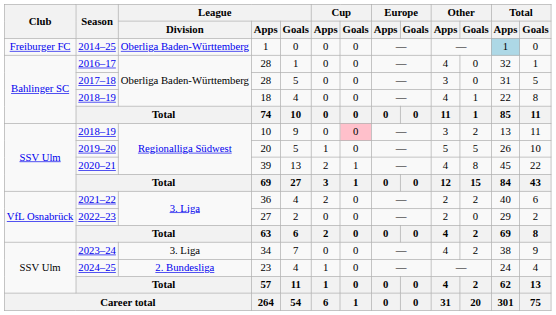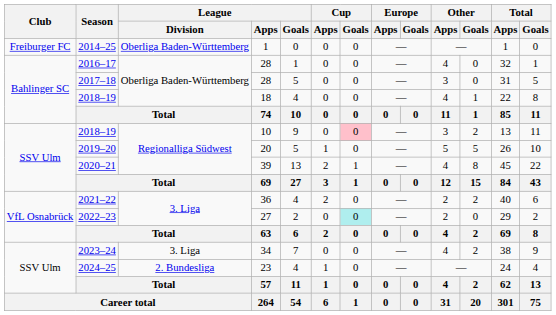 <table class="wikitable" style="text-align:center">
 <tr>
 <th rowspan="2">Club</th>
 <th rowspan="2">Season</th>
 <th colspan="3">League</th>
 <th colspan="2">Cup</th>
 <th colspan="2">Europe</th>
 <th colspan="2">Other</th>
 <th colspan="2">Total</th>
 </tr>
 <tr>
 <th>Division</th>
 <th>Apps</th>
 <th>Goals</th>
 <th>Apps</th>
 <th>Goals</th>
 <th>Apps</th>
 <th>Goals</th>
 <th>Apps</th>
 <th>Goals</th>
 <th>Apps</th>
 <th>Goals</th>
 </tr>
 <tr>
 <td><a href='#'>Freiburger FC</a></td>
 <td><a href='#'>2014–25</a></td>
 <td><a href='#'>Oberliga Baden-Württemberg</a></td>
 <td>1</td>
 <td>0</td>
 <td>0</td>
 <td>0</td>
 <td colspan="2">—</td>
 <td colspan="2">—</td>
-<td style="background: lightblue;">1</td>
+<td>1</td>
 <td>0</td>
 </tr>
 <tr>
 <td rowspan="4"><a href='#'>Bahlinger SC</a></td>
 <td><a href='#'>2016–17</a></td>
 <td rowspan="3">Oberliga Baden-Württemberg</td>
 <td>28</td>
 <td>1</td>
 <td>0</td>
 <td>0</td>
 <td colspan="2">—</td>
 <td>4</td>
 <td>0</td>
 <td>32</td>
 <td>1</td>
 </tr>
 <tr>
 <td><a href='#'>2017–18</a></td>
 <td>28</td>
 <td>5</td>
 <td>0</td>
 <td>0</td>
 <td colspan="2">—</td>
 <td>3</td>
 <td>0</td>
 <td>31</td>
 <td>5</td>
 </tr>
 <tr>
 <td><a href='#'>2018–19</a></td>
 <td>18</td>
 <td>4</td>
 <td>0</td>
 <td>0</td>
 <td colspan="2">—</td>
 <td>4</td>
 <td>1</td>
 <td>22</td>
 <td>8</td>
 </tr>
 <tr>
 <th colspan="2">Total</th>
 <th>74</th>
 <th>10</th>
 <th>0</th>
 <th>0</th>
 <th>0</th>
 <th>0</th>
 <th>11</th>
 <th>1</th>
 <th>85</th>
 <th>11</th>
 </tr>
 <tr>
 <td rowspan="4"><a href='#'>SSV Ulm</a></td>
 <td><a href='#'>2018–19</a></td>
 <td rowspan="3"><a href='#'>Regionalliga Südwest</a></td>
 <td>10</td>
 <td>9</td>
 <td>0</td>
 <td style="background: pink;">0</td>
 <td colspan="2">—</td>
 <td>3</td>
 <td>2</td>
 <td>13</td>
 <td>11</td>
 </tr>
 <tr>
 <td><a href='#'>2019–20</a></td>
 <td>20</td>
 <td>5</td>
 <td>1</td>
 <td>0</td>
 <td colspan="2">—</td>
 <td>5</td>
 <td>5</td>
 <td>26</td>
 <td>10</td>
 </tr>
 <tr>
 <td><a href='#'>2020–21</a></td>
 <td>39</td>
 <td>13</td>
 <td>2</td>
 <td>1</td>
 <td colspan="2">—</td>
 <td>4</td>
 <td>8</td>
 <td>45</td>
 <td>22</td>
 </tr>
 <tr>
 <th colspan="2">Total</th>
 <th>69</th>
 <th>27</th>
 <th>3</th>
 <th>1</th>
 <th>0</th>
 <th>0</th>
 <th>12</th>
 <th>15</th>
 <th>84</th>
 <th>43</th>
 </tr>
 <tr>
 <td rowspan="3"><a href='#'>VfL Osnabrück</a></td>
 <td><a href='#'>2021–22</a></td>
 <td rowspan="2"><a href='#'>3. Liga</a></td>
 <td>36</td>
 <td>4</td>
 <td>2</td>
 <td>0</td>
 <td colspan="2">—</td>
 <td>2</td>
 <td>2</td>
 <td>40</td>
 <td>6</td>
 </tr>
 <tr>
 <td><a href='#'>2022–23</a></td>
 <td>27</td>
 <td>2</td>
 <td>0</td>
-<td>0</td>
+<td style="background: paleturquoise;">0</td>
 <td colspan="2">—</td>
 <td>2</td>
 <td>0</td>
 <td>29</td>
 <td>2</td>
 </tr>
 <tr>
 <th colspan="2">Total</th>
 <th>63</th>
 <th>6</th>
 <th>2</th>
 <th>0</th>
 <th>0</th>
 <th>0</th>
 <th>4</th>
 <th>2</th>
 <th>69</th>
 <th>8</th>
 </tr>
 <tr>
 <td rowspan="3">SSV Ulm</td>
 <td><a href='#'>2023–24</a></td>
 <td>3. Liga</td>
 <td>34</td>
 <td>7</td>
 <td>0</td>
 <td>0</td>
 <td colspan="2">—</td>
 <td>4</td>
 <td>2</td>
 <td>38</td>
 <td>9</td>
 </tr>
 <tr>
 <td><a href='#'>2024–25</a></td>
 <td><a href='#'>2. Bundesliga</a></td>
 <td>23</td>
 <td>4</td>
 <td>1</td>
 <td>0</td>
 <td colspan="2">—</td>
 <td colspan="2">—</td>
 <td>24</td>
 <td>4</td>
 </tr>
 <tr>
 <th colspan="2">Total</th>
 <th>57</th>
 <th>11</th>
 <th>1</th>
 <th>0</th>
 <th>0</th>
 <th>0</th>
 <th>4</th>
 <th>2</th>
 <th>62</th>
 <th>13</th>
 </tr>
 <tr>
 <th colspan="3">Career total</th>
 <th>264</th>
 <th>54</th>
 <th>6</th>
 <th>1</th>
 <th>0</th>
 <th>0</th>
 <th>31</th>
 <th>20</th>
 <th>301</th>
 <th>75</th>
 </tr>
 </table>
